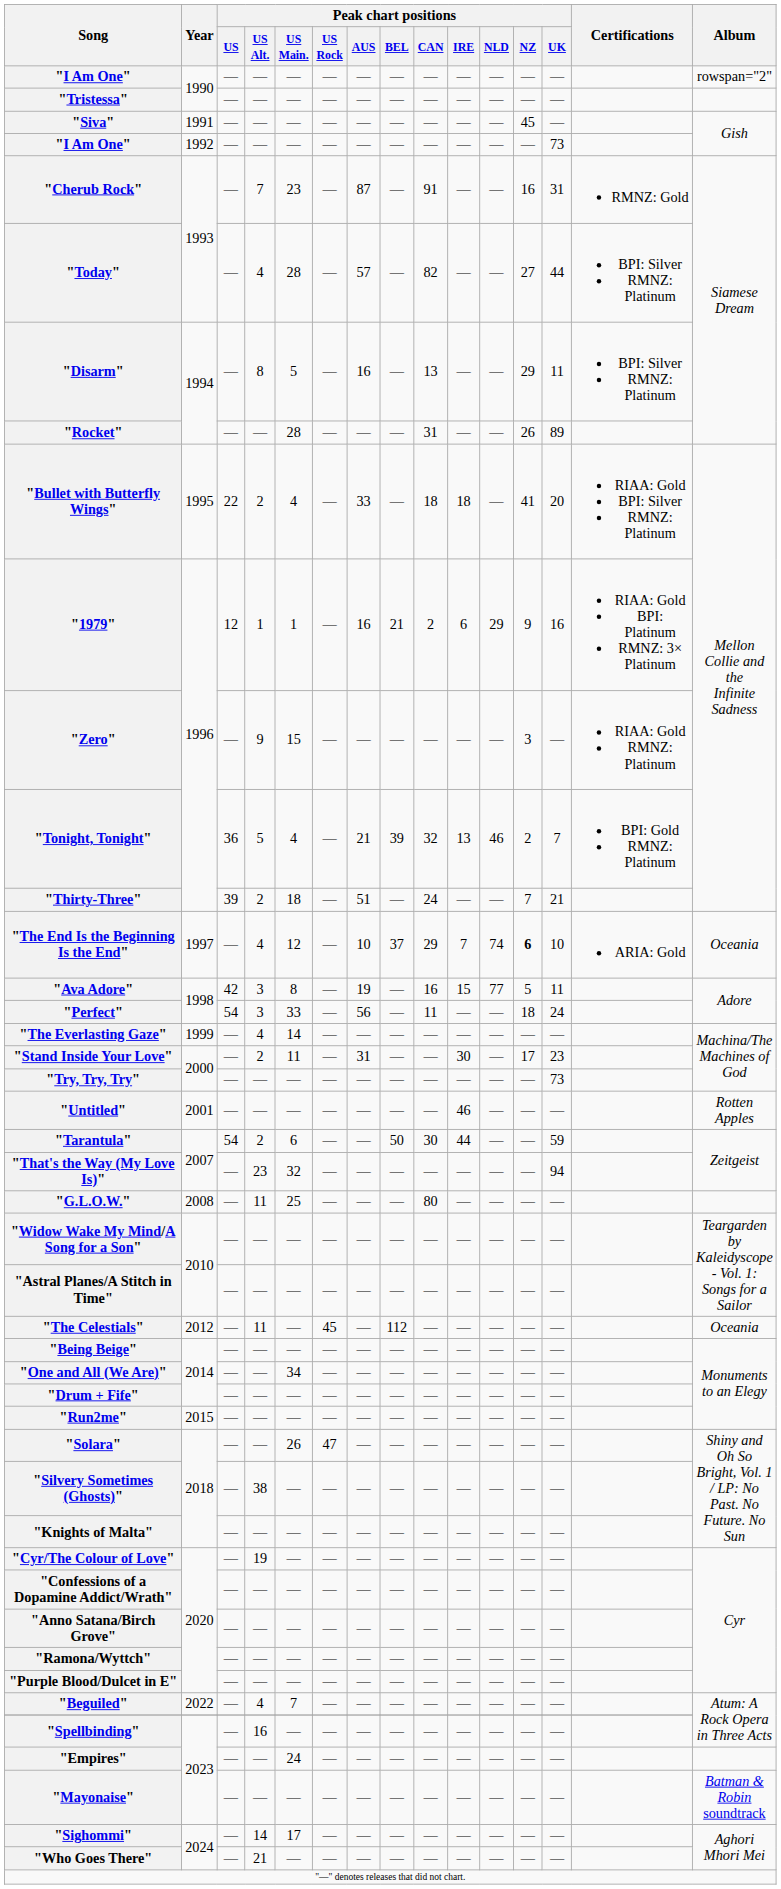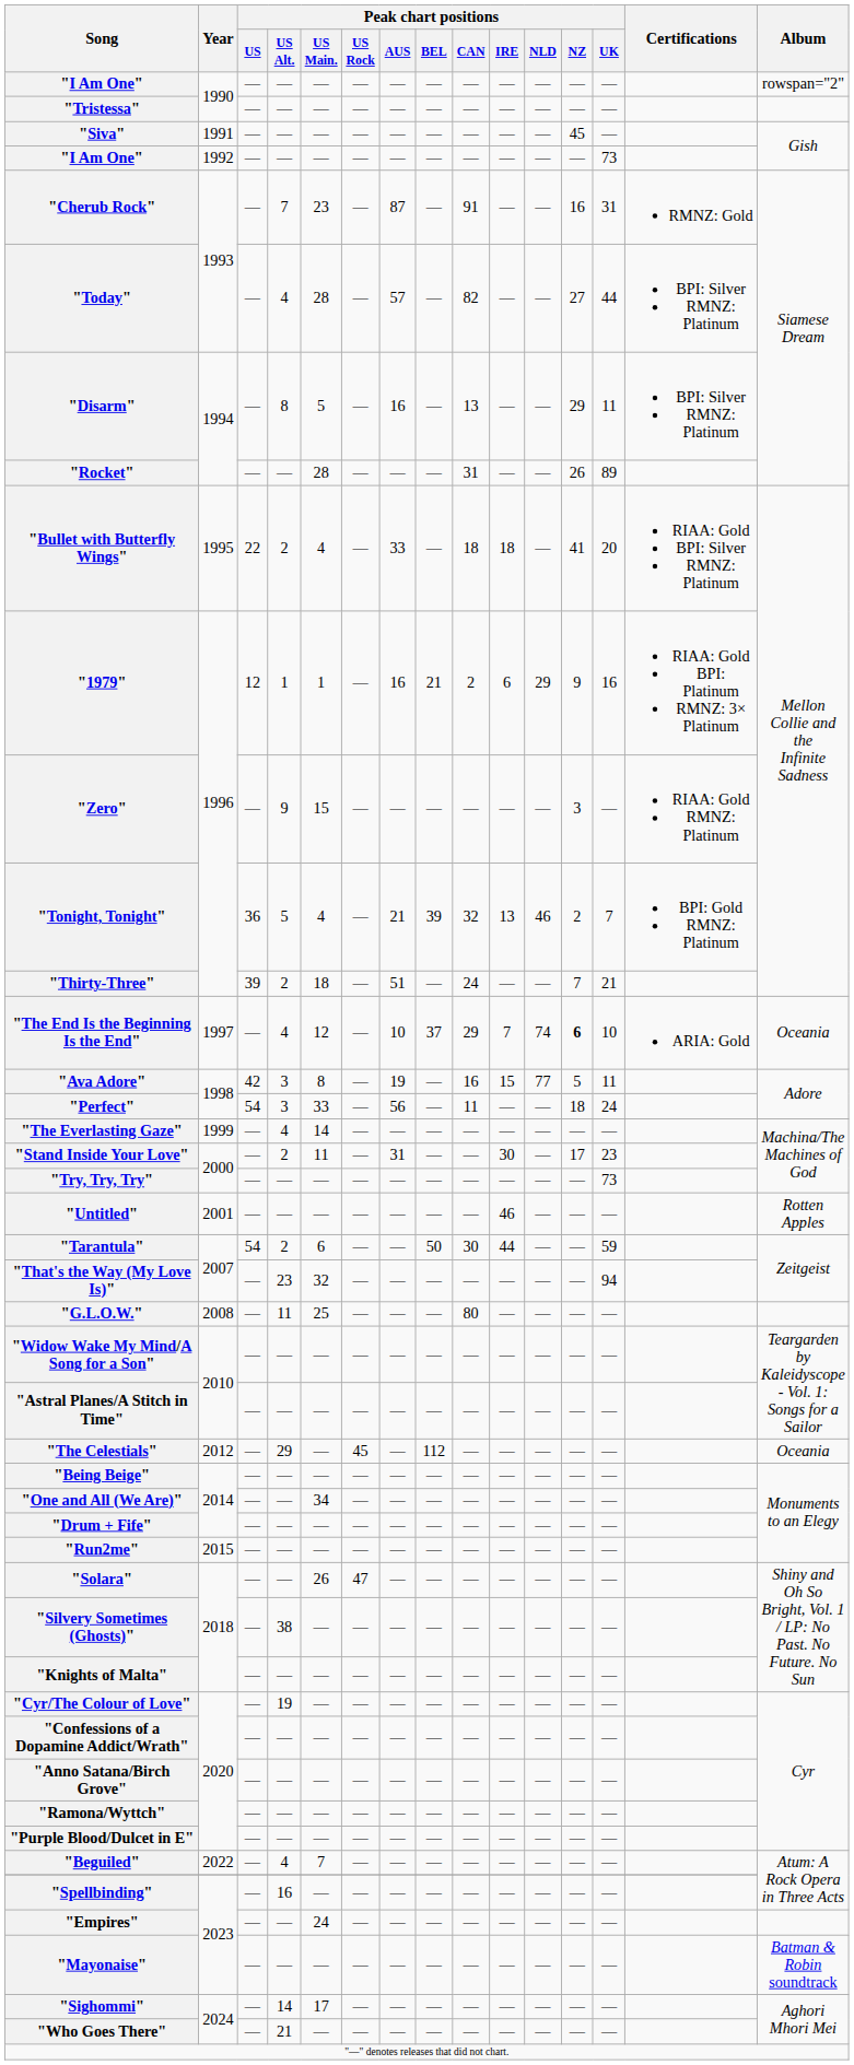 <table class="wikitable plainrowheaders" style="text-align:center;">
 <tr>
 <th scope="col" rowspan="2" style="width:18em">Song</th>
 <th scope="col" rowspan="2">Year</th>
 <th scope="col" colspan="11">Peak chart positions</th>
 <th scope="col" rowspan="2" style="width:11em;">Certifications</th>
 <th scope="col" rowspan="2">Album</th>
 </tr>
 <tr>
 <th width="35"><small><a href='#'>US</a><br></small></th>
 <th width="35"><small><a href='#'>US<br>Alt.</a><br></small></th>
 <th width="35"><small><a href='#'>US<br>Main.</a><br></small></th>
 <th width="35"><small><a href='#'>US<br>Rock</a><br></small></th>
 <th width="35"><small><a href='#'>AUS</a><br></small></th>
 <th width="35"><small><a href='#'>BEL</a><br></small></th>
 <th width="35"><small><a href='#'>CAN</a><br></small></th>
 <th width="35"><small><a href='#'>IRE</a><br></small></th>
 <th width="35"><small><a href='#'>NLD</a><br></small></th>
 <th width="35"><small><a href='#'>NZ</a><br></small></th>
 <th width="35"><small><a href='#'>UK</a><br></small></th>
 </tr>
 <tr>
 <th scope="row">"<a href='#'>I Am One</a>"</th>
 <td rowspan="2">1990</td>
 <td>—</td>
 <td>—</td>
 <td>—</td>
 <td>—</td>
 <td>—</td>
 <td>—</td>
 <td>—</td>
 <td>—</td>
 <td>—</td>
 <td>—</td>
 <td>—</td>
 <td></td>
 <td>rowspan="2" </td>
 </tr>
 <tr>
 <th scope="row">"<a href='#'>Tristessa</a>"</th>
 <td>—</td>
 <td>—</td>
 <td>—</td>
 <td>—</td>
 <td>—</td>
 <td>—</td>
 <td>—</td>
 <td>—</td>
 <td>—</td>
 <td>—</td>
 <td>—</td>
 <td></td>
 </tr>
 <tr>
 <th scope="row">"<a href='#'>Siva</a>"</th>
 <td>1991</td>
 <td>—</td>
 <td>—</td>
 <td>—</td>
 <td>—</td>
 <td>—</td>
 <td>—</td>
 <td>—</td>
 <td>—</td>
 <td>—</td>
 <td>45</td>
 <td>—</td>
 <td></td>
 <td rowspan="2"><em>Gish</em></td>
 </tr>
 <tr>
 <th scope="row">"<a href='#'>I Am One</a>"</th>
 <td>1992</td>
 <td>—</td>
 <td>—</td>
 <td>—</td>
 <td>—</td>
 <td>—</td>
 <td>—</td>
 <td>—</td>
 <td>—</td>
 <td>—</td>
 <td>—</td>
 <td>73</td>
 <td></td>
 </tr>
 <tr>
 <th scope="row">"<a href='#'>Cherub Rock</a>"</th>
 <td rowspan="2">1993</td>
 <td>—</td>
 <td>7</td>
 <td>23</td>
 <td>—</td>
 <td>87</td>
 <td>—</td>
 <td>91</td>
 <td>—</td>
 <td>—</td>
 <td>16</td>
 <td>31</td>
 <td><br><ul><li>RMNZ: Gold</li></ul></td>
 <td rowspan="4"><em>Siamese Dream</em></td>
 </tr>
 <tr>
 <th scope="row">"<a href='#'>Today</a>"</th>
 <td>—</td>
 <td>4</td>
 <td>28</td>
 <td>—</td>
 <td>57</td>
 <td>—</td>
 <td>82</td>
 <td>—</td>
 <td>—</td>
 <td>27</td>
 <td>44</td>
 <td><br><ul><li>BPI: Silver</li><li>RMNZ: Platinum</li></ul></td>
 </tr>
 <tr>
 <th scope="row">"<a href='#'>Disarm</a>"</th>
 <td rowspan="2">1994</td>
 <td>—</td>
 <td>8</td>
 <td>5</td>
 <td>—</td>
 <td>16</td>
 <td>—</td>
 <td>13</td>
 <td>—</td>
 <td>—</td>
 <td>29</td>
 <td>11</td>
 <td><br><ul><li>BPI: Silver</li><li>RMNZ: Platinum</li></ul></td>
 </tr>
 <tr>
 <th scope="row">"<a href='#'>Rocket</a>"</th>
 <td>—</td>
 <td>—</td>
 <td>28</td>
 <td>—</td>
 <td>—</td>
 <td>—</td>
 <td>31</td>
 <td>—</td>
 <td>—</td>
 <td>26</td>
 <td>89</td>
 <td></td>
 </tr>
 <tr>
 <th scope="row">"<a href='#'>Bullet with Butterfly Wings</a>"</th>
 <td>1995</td>
 <td>22</td>
 <td>2</td>
 <td>4</td>
 <td>—</td>
 <td>33</td>
 <td>—</td>
 <td>18</td>
 <td>18</td>
 <td>—</td>
 <td>41</td>
 <td>20</td>
 <td><br><ul><li>RIAA: Gold</li><li>BPI: Silver</li><li>RMNZ: Platinum</li></ul></td>
 <td rowspan="5"><em>Mellon Collie and the<br>Infinite Sadness</em></td>
 </tr>
 <tr>
 <th scope="row">"<a href='#'>1979</a>"</th>
 <td rowspan="4">1996</td>
 <td>12</td>
 <td>1</td>
 <td>1</td>
 <td>—</td>
 <td>16</td>
 <td>21</td>
 <td>2</td>
 <td>6</td>
 <td>29</td>
 <td>9</td>
 <td>16</td>
 <td><br><ul><li>RIAA: Gold</li><li>BPI: Platinum</li><li>RMNZ: 3× Platinum</li></ul></td>
 </tr>
 <tr>
 <th scope="row">"<a href='#'>Zero</a>"</th>
 <td>—</td>
 <td>9</td>
 <td>15</td>
 <td>—</td>
 <td>—</td>
 <td>—</td>
 <td>—</td>
 <td>—</td>
 <td>—</td>
 <td>3</td>
 <td>—</td>
 <td><br><ul><li>RIAA: Gold</li><li>RMNZ: Platinum</li></ul></td>
 </tr>
 <tr>
 <th scope="row">"<a href='#'>Tonight, Tonight</a>"</th>
 <td>36</td>
 <td>5</td>
 <td>4</td>
 <td>—</td>
 <td>21</td>
 <td>39</td>
 <td>32</td>
 <td>13</td>
 <td>46</td>
 <td>2</td>
 <td>7</td>
 <td><br><ul><li>BPI: Gold</li><li>RMNZ: Platinum</li></ul></td>
 </tr>
 <tr>
 <th scope="row">"<a href='#'>Thirty-Three</a>"</th>
 <td>39</td>
 <td>2</td>
 <td>18</td>
 <td>—</td>
 <td>51</td>
 <td>—</td>
 <td>24</td>
 <td>—</td>
 <td>—</td>
 <td>7</td>
 <td>21</td>
 <td></td>
 </tr>
 <tr>
 <th scope="row">"<a href='#'>The End Is the Beginning Is the End</a>"</th>
 <td>1997</td>
 <td>—</td>
 <td>4</td>
 <td>12</td>
 <td>—</td>
 <td>10</td>
 <td>37</td>
 <td>29</td>
 <td>7</td>
 <td>74</td>
 <td><strong>6</strong></td>
 <td>10</td>
 <td><br><ul><li>ARIA: Gold</li></ul></td>
 <td><em>Oceania</em></td>
 </tr>
 <tr>
 <th scope="row">"<a href='#'>Ava Adore</a>"</th>
 <td rowspan="2">1998</td>
 <td>42</td>
 <td>3</td>
 <td>8</td>
 <td>—</td>
 <td>19</td>
 <td>—</td>
 <td>16</td>
 <td>15</td>
 <td>77</td>
 <td>5</td>
 <td>11</td>
 <td></td>
 <td rowspan="2"><em>Adore</em></td>
 </tr>
 <tr>
 <th scope="row">"<a href='#'>Perfect</a>"</th>
 <td>54</td>
 <td>3</td>
 <td>33</td>
 <td>—</td>
 <td>56</td>
 <td>—</td>
 <td>11</td>
 <td>—</td>
 <td>—</td>
 <td>18</td>
 <td>24</td>
 <td></td>
 </tr>
 <tr>
 <th scope="row">"<a href='#'>The Everlasting Gaze</a>"</th>
 <td>1999</td>
 <td>—</td>
 <td>4</td>
 <td>14</td>
 <td>—</td>
 <td>—</td>
 <td>—</td>
 <td>—</td>
 <td>—</td>
 <td>—</td>
 <td>—</td>
 <td>—</td>
 <td></td>
 <td rowspan="3"><em>Machina/The Machines of God</em></td>
 </tr>
 <tr>
 <th scope="row">"<a href='#'>Stand Inside Your Love</a>"</th>
 <td rowspan="2">2000</td>
 <td>—</td>
 <td>2</td>
 <td>11</td>
 <td>—</td>
 <td>31</td>
 <td>—</td>
 <td>—</td>
 <td>30</td>
 <td>—</td>
 <td>17</td>
 <td>23</td>
 <td></td>
 </tr>
 <tr>
 <th scope="row">"<a href='#'>Try, Try, Try</a>"</th>
 <td>—</td>
 <td>—</td>
 <td>—</td>
 <td>—</td>
 <td>—</td>
 <td>—</td>
 <td>—</td>
 <td>—</td>
 <td>—</td>
 <td>—</td>
 <td>73</td>
 <td></td>
 </tr>
 <tr>
 <th scope="row">"<a href='#'>Untitled</a>"</th>
 <td rowspan="1">2001</td>
 <td>—</td>
 <td>—</td>
 <td>—</td>
 <td>—</td>
 <td>—</td>
 <td>—</td>
 <td>—</td>
 <td>46</td>
 <td>—</td>
 <td>—</td>
 <td>—</td>
 <td></td>
 <td><em>Rotten Apples</em></td>
 </tr>
 <tr>
 <th scope="row">"<a href='#'>Tarantula</a>"</th>
 <td rowspan="2">2007</td>
 <td>54</td>
 <td>2</td>
 <td>6</td>
 <td>—</td>
 <td>—</td>
 <td>50</td>
 <td>30</td>
 <td>44</td>
 <td>—</td>
 <td>—</td>
 <td>59</td>
 <td></td>
 <td rowspan="2"><em>Zeitgeist</em></td>
 </tr>
 <tr>
 <th scope="row">"<a href='#'>That's the Way (My Love Is)</a>"</th>
 <td>—</td>
 <td>23</td>
 <td>32</td>
 <td>—</td>
 <td>—</td>
 <td>—</td>
 <td>—</td>
 <td>—</td>
 <td>—</td>
 <td>—</td>
 <td>94</td>
 <td></td>
 </tr>
 <tr>
 <th scope="row">"<a href='#'>G.L.O.W.</a>"</th>
 <td>2008</td>
 <td>—</td>
 <td>11</td>
 <td>25</td>
 <td>—</td>
 <td>—</td>
 <td>—</td>
 <td>80</td>
 <td>—</td>
 <td>—</td>
 <td>—</td>
 <td>—</td>
 <td></td>
 <td></td>
 </tr>
 <tr>
 <th scope="row">"<a href='#'>Widow Wake My Mind</a>/<a href='#'>A Song for a Son</a>"</th>
 <td rowspan="2">2010</td>
 <td>—</td>
 <td>—</td>
 <td>—</td>
 <td>—</td>
 <td>—</td>
 <td>—</td>
 <td>—</td>
 <td>—</td>
 <td>—</td>
 <td>—</td>
 <td>—</td>
 <td></td>
 <td rowspan="2"><em>Teargarden by Kaleidyscope - Vol. 1: Songs for a Sailor</em></td>
 </tr>
 <tr>
 <th scope="row">"Astral Planes/A Stitch in Time"</th>
 <td>—</td>
 <td>—</td>
 <td>—</td>
 <td>—</td>
 <td>—</td>
 <td>—</td>
 <td>—</td>
 <td>—</td>
 <td>—</td>
 <td>—</td>
 <td>—</td>
 <td></td>
 </tr>
 <tr>
 <th scope="row">"<a href='#'>The Celestials</a>"</th>
 <td>2012</td>
 <td>—</td>
-<td>11</td>
+<td>29</td>
 <td>—</td>
 <td>45</td>
 <td>—</td>
 <td>112</td>
 <td>—</td>
 <td>—</td>
 <td>—</td>
 <td>—</td>
 <td>—</td>
 <td></td>
 <td><em>Oceania</em></td>
 </tr>
 <tr>
 <th scope="row">"<a href='#'>Being Beige</a>"</th>
 <td rowspan="3">2014</td>
 <td>—</td>
 <td>—</td>
 <td>—</td>
 <td>—</td>
 <td>—</td>
 <td>—</td>
 <td>—</td>
 <td>—</td>
 <td>—</td>
 <td>—</td>
 <td>—</td>
 <td></td>
 <td rowspan="4"><em>Monuments to an Elegy</em></td>
 </tr>
 <tr>
 <th scope="row">"<a href='#'>One and All (We Are)</a>"</th>
 <td>—</td>
 <td>—</td>
 <td>34</td>
 <td>—</td>
 <td>—</td>
 <td>—</td>
 <td>—</td>
 <td>—</td>
 <td>—</td>
 <td>—</td>
 <td>—</td>
 <td></td>
 </tr>
 <tr>
 <th scope="row">"<a href='#'>Drum + Fife</a>"</th>
 <td>—</td>
 <td>—</td>
 <td>—</td>
 <td>—</td>
 <td>—</td>
 <td>—</td>
 <td>—</td>
 <td>—</td>
 <td>—</td>
 <td>—</td>
 <td>—</td>
 <td></td>
 </tr>
 <tr>
 <th scope="row">"<a href='#'>Run2me</a>"</th>
 <td rowspan="1">2015</td>
 <td>—</td>
 <td>—</td>
 <td>—</td>
 <td>—</td>
 <td>—</td>
 <td>—</td>
 <td>—</td>
 <td>—</td>
 <td>—</td>
 <td>—</td>
 <td>—</td>
 <td></td>
 </tr>
 <tr>
 <th scope="row">"<a href='#'>Solara</a>"</th>
 <td rowspan="3">2018</td>
 <td>—</td>
 <td>—</td>
 <td>26</td>
 <td>47</td>
 <td>—</td>
 <td>—</td>
 <td>—</td>
 <td>—</td>
 <td>—</td>
 <td>—</td>
 <td>—</td>
 <td></td>
 <td rowspan="3"><em>Shiny and Oh So Bright, Vol. 1 / LP: No Past. No Future. No Sun</em></td>
 </tr>
 <tr>
 <th scope="row">"<a href='#'>Silvery Sometimes (Ghosts)</a>"</th>
 <td>—</td>
 <td>38</td>
 <td>—</td>
 <td>—</td>
 <td>—</td>
 <td>—</td>
 <td>—</td>
 <td>—</td>
 <td>—</td>
 <td>—</td>
 <td>—</td>
 <td></td>
 </tr>
 <tr>
 <th scope="row">"Knights of Malta"</th>
 <td>—</td>
 <td>—</td>
 <td>—</td>
 <td>—</td>
 <td>—</td>
 <td>—</td>
 <td>—</td>
 <td>—</td>
 <td>—</td>
 <td>—</td>
 <td>—</td>
 <td></td>
 </tr>
 <tr>
 <th scope="row">"<a href='#'>Cyr/The Colour of Love</a>"</th>
 <td rowspan="5">2020</td>
 <td>—</td>
 <td>19</td>
 <td>—</td>
 <td>—</td>
 <td>—</td>
 <td>—</td>
 <td>—</td>
 <td>—</td>
 <td>—</td>
 <td>—</td>
 <td>—</td>
 <td></td>
 <td rowspan="5"><em>Cyr</em></td>
 </tr>
 <tr>
 <th scope="row">"Confessions of a Dopamine Addict/Wrath"</th>
 <td>—</td>
 <td>—</td>
 <td>—</td>
 <td>—</td>
 <td>—</td>
 <td>—</td>
 <td>—</td>
 <td>—</td>
 <td>—</td>
 <td>—</td>
 <td>—</td>
 <td></td>
 </tr>
 <tr>
 <th scope="row">"Anno Satana/Birch Grove"</th>
 <td>—</td>
 <td>—</td>
 <td>—</td>
 <td>—</td>
 <td>—</td>
 <td>—</td>
 <td>—</td>
 <td>—</td>
 <td>—</td>
 <td>—</td>
 <td>—</td>
 <td></td>
 </tr>
 <tr>
 <th scope="row">"Ramona/Wyttch"</th>
 <td>—</td>
 <td>—</td>
 <td>—</td>
 <td>—</td>
 <td>—</td>
 <td>—</td>
 <td>—</td>
 <td>—</td>
 <td>—</td>
 <td>—</td>
 <td>—</td>
 <td></td>
 </tr>
 <tr>
 <th scope="row">"Purple Blood/Dulcet in E"</th>
 <td>—</td>
 <td>—</td>
 <td>—</td>
 <td>—</td>
 <td>—</td>
 <td>—</td>
 <td>—</td>
 <td>—</td>
 <td>—</td>
 <td>—</td>
 <td>—</td>
 <td></td>
 </tr>
 <tr>
 <th scope="row">"<a href='#'>Beguiled</a>"</th>
 <td rowspan="1">2022</td>
 <td>—</td>
 <td>4</td>
 <td>7</td>
 <td>—</td>
 <td>—</td>
 <td>—</td>
 <td>—</td>
 <td>—</td>
 <td>—</td>
 <td>—</td>
 <td>—</td>
 <td></td>
 <td rowspan="3"><em>Atum: A Rock Opera in Three Acts</em></td>
 </tr>
 <tr>
 </tr>
 <tr>
 <th scope="row">"<a href='#'>Spellbinding</a>"</th>
 <td rowspan="3">2023</td>
 <td>—</td>
 <td>16</td>
 <td>—</td>
 <td>—</td>
 <td>—</td>
 <td>—</td>
 <td>—</td>
 <td>—</td>
 <td>—</td>
 <td>—</td>
 <td>—</td>
 <td></td>
 </tr>
 <tr>
 <th scope="row">"Empires"</th>
 <td>—</td>
 <td>—</td>
 <td>24</td>
 <td>—</td>
 <td>—</td>
 <td>—</td>
 <td>—</td>
 <td>—</td>
 <td>—</td>
 <td>—</td>
 <td>—</td>
 <td></td>
 </tr>
 <tr>
 <th scope="row">"<a href='#'>Mayonaise</a>"</th>
 <td>—</td>
 <td>—</td>
 <td>—</td>
 <td>—</td>
 <td>—</td>
 <td>—</td>
 <td>—</td>
 <td>—</td>
 <td>—</td>
 <td>—</td>
 <td>—</td>
 <td></td>
 <td><a href='#'><em>Batman & Robin</em> soundtrack</a></td>
 </tr>
 <tr>
 <th scope="row">"<a href='#'>Sighommi</a>"</th>
 <td rowspan="2">2024</td>
 <td>—</td>
 <td>14</td>
 <td>17</td>
 <td>—</td>
 <td>—</td>
 <td>—</td>
 <td>—</td>
 <td>—</td>
 <td>—</td>
 <td>—</td>
 <td>—</td>
 <td></td>
 <td rowspan="2"><em>Aghori Mhori Mei </em></td>
 </tr>
 <tr>
 <th scope="row">"Who Goes There"</th>
 <td>—</td>
 <td>21</td>
 <td>—</td>
 <td>—</td>
 <td>—</td>
 <td>—</td>
 <td>—</td>
 <td>—</td>
 <td>—</td>
 <td>—</td>
 <td>—</td>
 <td></td>
 </tr>
 <tr>
 <td colspan="21" style="font-size: 8pt">"—" denotes releases that did not chart.</td>
 </tr>
 </table>
